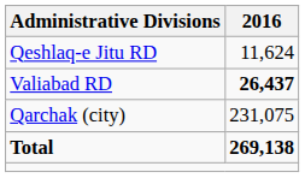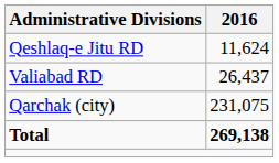 <table class="wikitable">
 <tr>
 <th>Administrative Divisions</th>
 <th>2016</th>
 </tr>
 <tr>
 <td><a href='#'>Qeshlaq-e Jitu RD</a></td>
 <td style="text-align: right;">11,624</td>
 </tr>
 <tr>
 <td><a href='#'>Valiabad RD</a></td>
-<td style="text-align: right;"><strong>26,437</strong></td>
+<td style="text-align: right;">26,437</td>
 </tr>
 <tr>
 <td><a href='#'>Qarchak</a> (city)</td>
 <td style="text-align: right;">231,075</td>
 </tr>
 <tr>
 <td><strong>Total</strong></td>
 <td style="text-align: right;"><strong>269,138</strong></td>
 </tr>
 <tr>
 <td colspan=2></td>
 </tr>
 </table>
